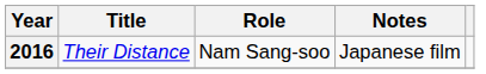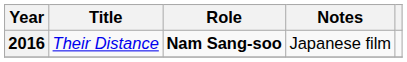 <table class="wikitable plainrowheaders">
 <tr>
 <th scope="col">Year</th>
 <th scope="col">Title</th>
 <th scope="col">Role</th>
 <th scope="col">Notes</th>
 <th scope="col" class="unsortable"></th>
 </tr>
 <tr>
 <th scope="row">2016</th>
 <td><em><a href='#'>Their Distance</a></em></td>
-<td>Nam Sang-soo</td>
+<td><strong>Nam Sang-soo</strong></td>
 <td>Japanese film</td>
 <td style="text-align:center"></td>
 </tr>
 <tr>
 </tr>
 </table>
